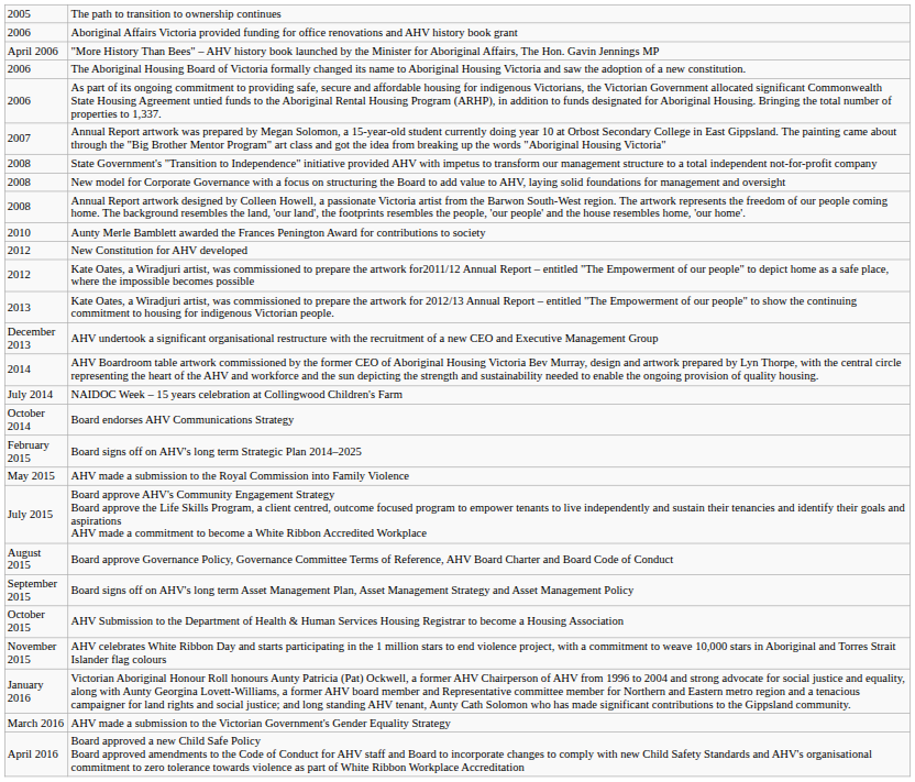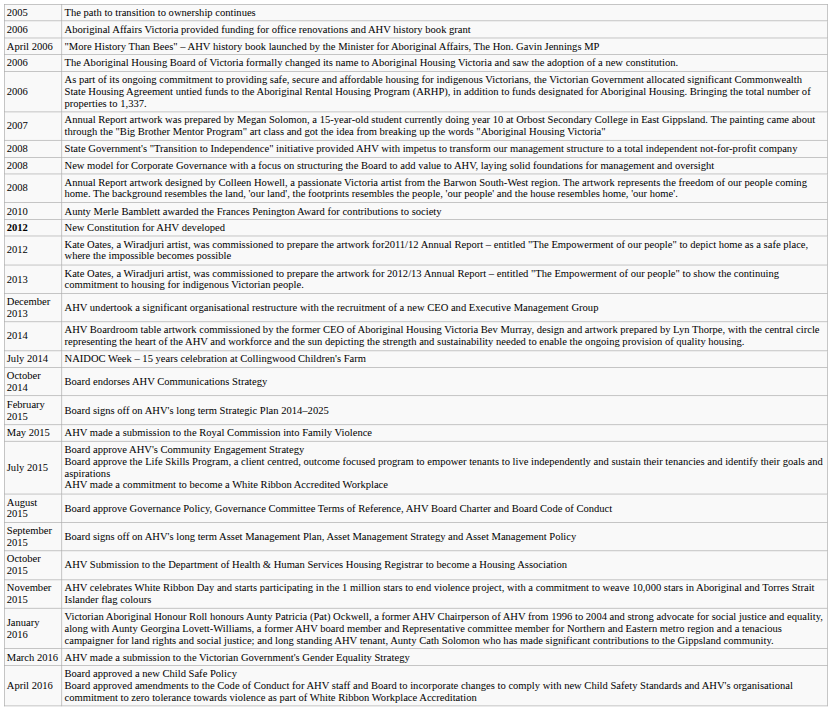 <table class="wikitable">
 <tr>
 <td>2005</td>
 <td>The path to transition to ownership continues</td>
 </tr>
 <tr>
 <td>2006</td>
 <td>Aboriginal Affairs Victoria provided funding for office renovations and AHV history book grant</td>
 </tr>
 <tr>
 <td>April 2006</td>
 <td>"More History Than Bees" – AHV history book launched by the Minister for Aboriginal Affairs, The Hon. Gavin Jennings MP</td>
 </tr>
 <tr>
 <td>2006</td>
 <td>The Aboriginal Housing Board of Victoria formally changed its name to Aboriginal Housing Victoria and saw the adoption of a new constitution.</td>
 </tr>
 <tr>
 <td>2006</td>
 <td>As part of its ongoing commitment to providing safe, secure and affordable housing for indigenous Victorians, the Victorian Government allocated significant Commonwealth State Housing Agreement untied funds to the Aboriginal Rental Housing Program (ARHP), in addition to funds designated for Aboriginal Housing.    Bringing the total number of properties to 1,337.</td>
 </tr>
 <tr>
 <td>2007</td>
 <td>Annual Report artwork was prepared by Megan Solomon, a 15-year-old student currently doing year 10 at Orbost Secondary College in East Gippsland.  The painting came about through the   "Big Brother Mentor Program" art class and got the idea from breaking up the words "Aboriginal Housing Victoria"</td>
 </tr>
 <tr>
 <td>2008</td>
 <td>State Government's "Transition to Independence"  initiative provided AHV with impetus to transform our management structure to a total independent not-for-profit company</td>
 </tr>
 <tr>
 <td>2008</td>
 <td>New model for Corporate Governance with a focus on structuring the Board to add value to AHV, laying solid foundations for management and oversight</td>
 </tr>
 <tr>
 <td>2008</td>
 <td>Annual Report artwork designed by Colleen Howell, a passionate Victoria artist from the Barwon South-West region. The artwork represents the freedom of our people coming home.  The background resembles the land, 'our land', the footprints resembles the people, 'our people' and the house resembles home, 'our home'.</td>
 </tr>
 <tr>
 <td>2010</td>
 <td>Aunty Merle Bamblett awarded the Frances Penington Award for contributions to society</td>
 </tr>
 <tr>
-<td>2012</td>
+<td><strong>2012</strong></td>
 <td>New Constitution for AHV developed</td>
 </tr>
 <tr>
 <td>2012</td>
 <td>Kate Oates, a Wiradjuri artist, was commissioned to prepare the artwork for2011/12 Annual Report – entitled "The Empowerment of our people" to depict home as a safe place, where the impossible becomes possible</td>
 </tr>
 <tr>
 <td>2013</td>
 <td>Kate Oates, a Wiradjuri artist, was commissioned to prepare the artwork for 2012/13 Annual Report – entitled "The Empowerment of our people" to show the continuing commitment to housing for indigenous Victorian people.</td>
 </tr>
 <tr>
 <td>December 2013</td>
 <td>AHV undertook a significant organisational restructure with the recruitment of a new CEO and Executive Management Group</td>
 </tr>
 <tr>
 <td>2014</td>
 <td>AHV Boardroom table artwork commissioned by the former CEO of Aboriginal Housing Victoria Bev Murray, design and artwork prepared by Lyn Thorpe, with the central circle representing the heart of the AHV and workforce and the sun depicting the strength and sustainability needed to enable the ongoing provision of quality housing.</td>
 </tr>
 <tr>
 <td>July 2014</td>
 <td>NAIDOC Week – 15 years celebration at Collingwood Children's Farm</td>
 </tr>
 <tr>
 <td>October 2014</td>
 <td>Board endorses AHV Communications Strategy</td>
 </tr>
 <tr>
 <td>February 2015</td>
 <td>Board signs off on AHV's long term Strategic Plan 2014–2025</td>
 </tr>
 <tr>
 <td>May 2015</td>
 <td>AHV made a submission to the Royal Commission into Family Violence</td>
 </tr>
 <tr>
 <td>July 2015</td>
 <td>Board approve AHV's Community Engagement Strategy<br>Board approve the Life Skills Program, a client centred, outcome focused program to empower tenants to live independently and sustain their tenancies and identify their goals and aspirations<br>AHV made a commitment to become a White Ribbon Accredited Workplace</td>
 </tr>
 <tr>
 <td>August 2015</td>
 <td>Board approve Governance Policy, Governance Committee Terms of Reference, AHV Board Charter and Board Code of Conduct</td>
 </tr>
 <tr>
 <td>September 2015</td>
 <td>Board signs off on AHV's long term Asset Management Plan, Asset Management Strategy and Asset Management Policy</td>
 </tr>
 <tr>
 <td>October 2015</td>
 <td>AHV Submission to the Department of Health &  Human Services Housing Registrar to become a Housing Association</td>
 </tr>
 <tr>
 <td>November 2015</td>
 <td>AHV celebrates White Ribbon Day and starts participating in the 1 million stars to end violence project, with a commitment to weave 10,000 stars in Aboriginal and Torres Strait Islander flag colours</td>
 </tr>
 <tr>
 <td>January 2016</td>
 <td>Victorian Aboriginal Honour Roll honours Aunty Patricia (Pat) Ockwell, a former AHV Chairperson of AHV from 1996 to 2004 and strong advocate for social justice and equality, along with Aunty Georgina Lovett-Williams, a former AHV board member and Representative committee member for Northern and Eastern metro region and a tenacious campaigner for land rights and social justice; and long standing AHV tenant, Aunty Cath Solomon who has made significant contributions to the Gippsland community.</td>
 </tr>
 <tr>
 <td>March 2016</td>
 <td>AHV made a submission to the Victorian Government's Gender Equality Strategy</td>
 </tr>
 <tr>
 <td>April 2016</td>
 <td>Board approved a new Child Safe Policy<br>Board approved amendments to the Code of Conduct for AHV staff and Board to incorporate changes to comply with new Child Safety Standards and AHV's organisational commitment to zero tolerance towards violence as part of White Ribbon Workplace Accreditation</td>
 </tr>
 </table>
